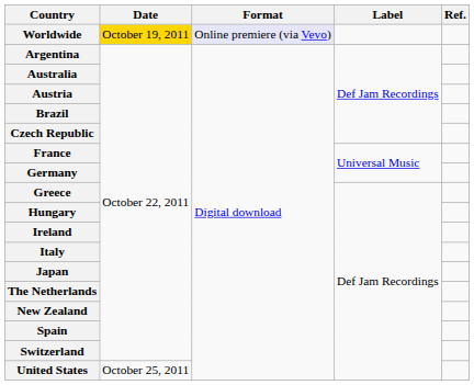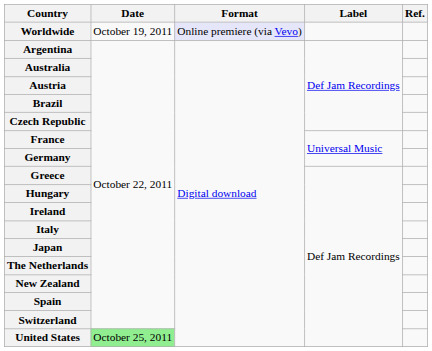 <table class="wikitable plainrowheaders">
 <tr>
 <th scope="col">Country</th>
 <th scope="col">Date</th>
 <th scope="col">Format</th>
 <th scope="col">Label</th>
 <th scope="col">Ref.</th>
 </tr>
 <tr>
 <th scope="row">Worldwide</th>
-<td style="background: gold;">October 19, 2011</td>
+<td>October 19, 2011</td>
 <td style="background: lavender;">Online premiere (via <a href='#'>Vevo</a>)</td>
 <td></td>
 <td></td>
 </tr>
 <tr>
 <th scope="row">Argentina</th>
 <td rowspan="16">October 22, 2011</td>
 <td rowspan="17"><a href='#'>Digital download</a></td>
 <td rowspan="5"><a href='#'>Def Jam Recordings</a></td>
 <td></td>
 </tr>
 <tr>
 <th scope="row">Australia</th>
 <td></td>
 </tr>
 <tr>
 <th scope="row">Austria</th>
 <td></td>
 </tr>
 <tr>
 <th scope="row">Brazil</th>
 <td></td>
 </tr>
 <tr>
 <th scope="row">Czech Republic</th>
 <td></td>
 </tr>
 <tr>
 <th scope="row">France</th>
 <td rowspan="2"><a href='#'>Universal Music</a></td>
 <td></td>
 </tr>
 <tr>
 <th scope="row">Germany</th>
 <td></td>
 </tr>
 <tr>
 <th scope="row">Greece</th>
 <td rowspan="10">Def Jam Recordings</td>
 <td></td>
 </tr>
 <tr>
 <th scope="row">Hungary</th>
 <td></td>
 </tr>
 <tr>
 <th scope="row">Ireland</th>
 <td></td>
 </tr>
 <tr>
 <th scope="row">Italy</th>
 <td></td>
 </tr>
 <tr>
 <th scope="row">Japan</th>
 <td></td>
 </tr>
 <tr>
 <th scope="row">The Netherlands</th>
 <td></td>
 </tr>
 <tr>
 <th scope="row">New Zealand</th>
 <td></td>
 </tr>
 <tr>
 <th scope="row">Spain</th>
 <td></td>
 </tr>
 <tr>
 <th scope="row">Switzerland</th>
 <td></td>
 </tr>
 <tr>
 <th scope="row">United States</th>
-<td>October 25, 2011</td>
+<td style="background: lightgreen;">October 25, 2011</td>
 <td></td>
 </tr>
 </table>
